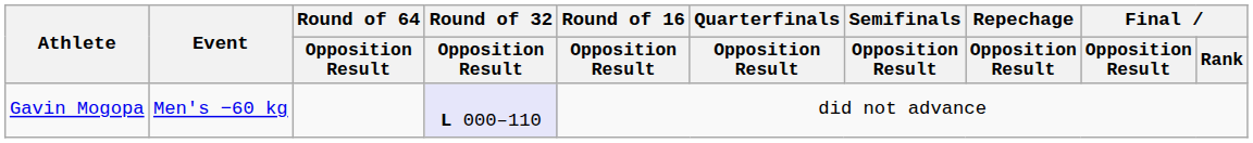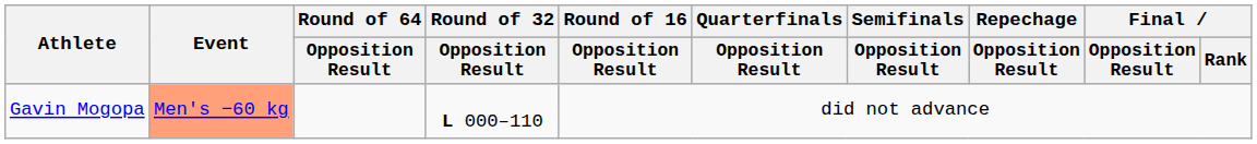 <table class="wikitable" style="font-size:90%">
 <tr>
 <th rowspan=2>Athlete</th>
 <th rowspan=2>Event</th>
 <th>Round of 64</th>
 <th>Round of 32</th>
 <th>Round of 16</th>
 <th>Quarterfinals</th>
 <th>Semifinals</th>
 <th>Repechage</th>
 <th colspan=2>Final / </th>
 </tr>
 <tr style="font-size:95%">
 <th>Opposition<br>Result</th>
 <th>Opposition<br>Result</th>
 <th>Opposition<br>Result</th>
 <th>Opposition<br>Result</th>
 <th>Opposition<br>Result</th>
 <th>Opposition<br>Result</th>
 <th>Opposition<br>Result</th>
 <th>Rank</th>
 </tr>
 <tr align=center>
 <td align=left><a href='#'>Gavin Mogopa</a></td>
-<td align=left><a href='#'>Men's −60 kg</a></td>
+<td align=left style="background: lightsalmon;"><a href='#'>Men's −60 kg</a></td>
 <td></td>
-<td style="background: lavender;"><br><strong>L</strong> 000–110</td>
+<td><br><strong>L</strong> 000–110</td>
 <td colspan=6>did not advance</td>
 </tr>
 </table>
